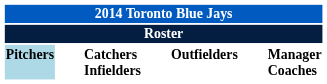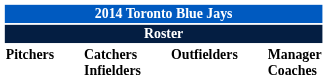 <table class="toccolours" style="font-size: 95%;">
 <tr http://upload.wikimedia.org/wikipedia/en/c/c8/Button_redirect.png>
 <th colspan="10" style="background:#005ac0; color:#fff; text-align:center;">2014 Toronto Blue Jays</th>
 </tr>
 <tr>
 <td colspan="10" style="background:#041E42; color:white; text-align:center;"><strong>Roster</strong></td>
 </tr>
 <tr>
-<td valign="top" style="background: lightblue;"><strong>Pitchers</strong><br>                         </td>
+<td valign="top"><strong>Pitchers</strong><br>                         </td>
 <td style="width:25px;"></td>
 <td valign="top"><strong>Catchers</strong><br>    <strong>Infielders</strong>              </td>
 <td style="width:25px;"></td>
 <td valign="top"><strong>Outfielders</strong><br>          </td>
 <td style="width:25px;"></td>
 <td valign="top"><strong>Manager</strong><br> <strong>Coaches</strong>                </td>
 </tr>
 </table>
